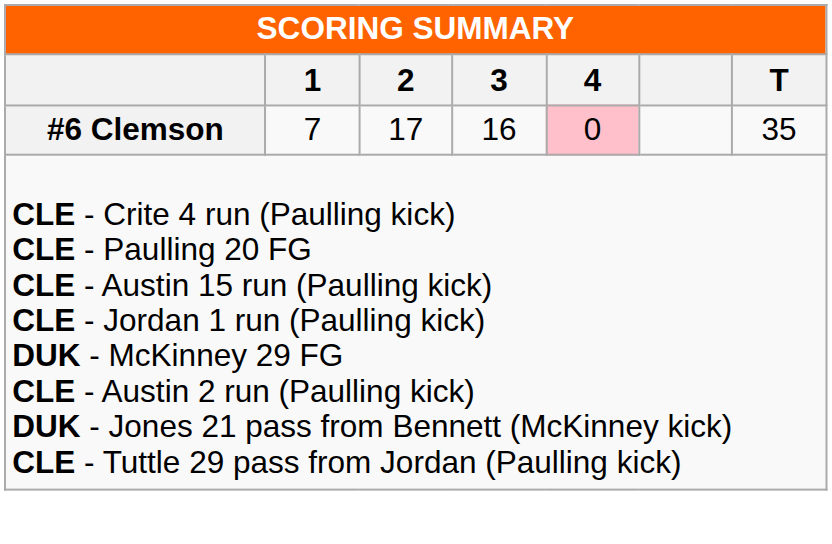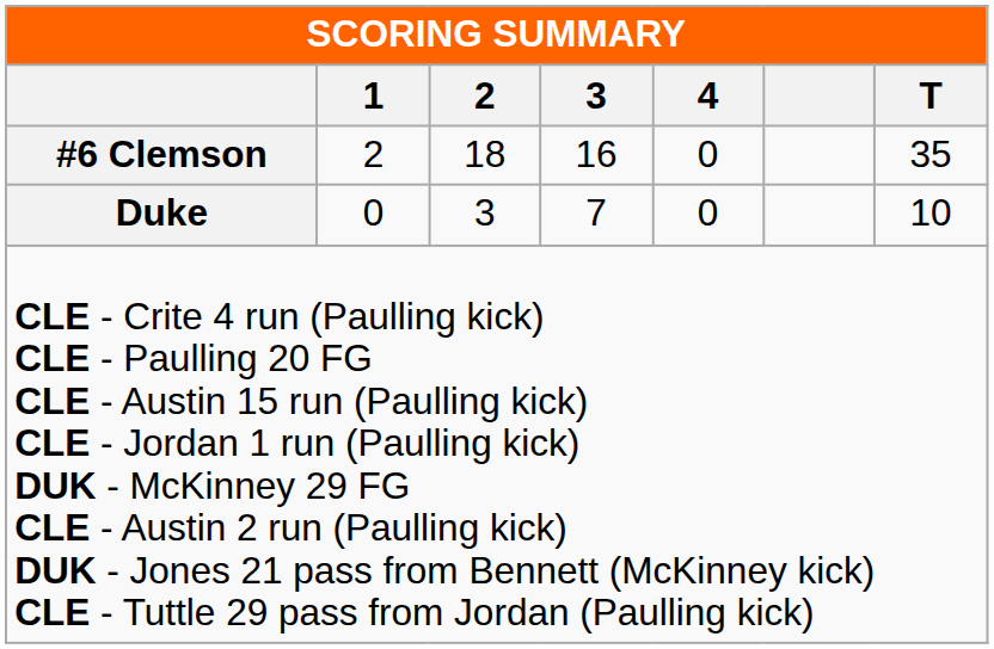 <table class="wikitable" style="text-align:center">
 <tr style="background:#FF6300; color:white">
 <td colspan="7" align="center"><strong>SCORING SUMMARY</strong></td>
 </tr>
 <tr>
 <th width="125"> </th>
 <th width="40">1</th>
 <th width="40">2</th>
 <th width="40">3</th>
 <th width="40">4</th>
 <th width="40"> </th>
 <th width="40">T</th>
 </tr>
 <tr>
 <th>#6 Clemson</th>
-<td>7</td>
-<td>17</td>
+<td>2</td>
+<td>18</td>
 <td>16</td>
-<td style="background: pink;">0</td>
+<td>0</td>
 <td></td>
 <td>35</td>
+</tr>
+<tr>
+<th>Duke</th>
+<td>0</td>
+<td>3</td>
+<td>7</td>
+<td>0</td>
+<td></td>
+<td>10</td>
 </tr>
 <tr>
 <td colspan="7" align="left"><br><strong>CLE</strong> - Crite 4 run (Paulling kick)<br> <strong>CLE</strong> - Paulling 20 FG<br> <strong>CLE</strong> - Austin 15 run (Paulling kick)<br> <strong>CLE</strong> - Jordan 1 run (Paulling kick)<br> <strong>DUK</strong> - McKinney 29 FG<br> <strong>CLE</strong> - Austin 2 run (Paulling kick)<br> <strong>DUK</strong> - Jones 21 pass from Bennett (McKinney kick)<br> <strong>CLE</strong> - Tuttle 29 pass from Jordan (Paulling kick)</td>
 </tr>
 </table>
